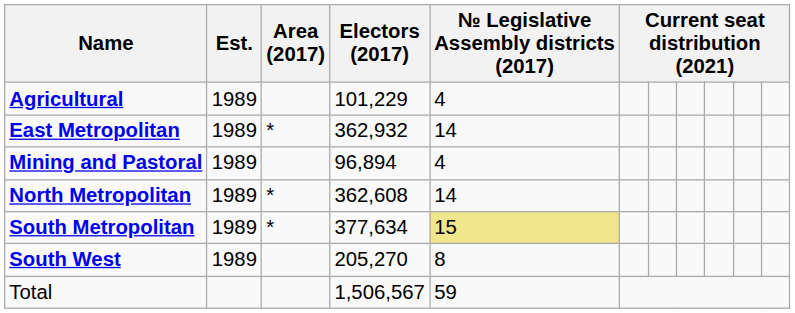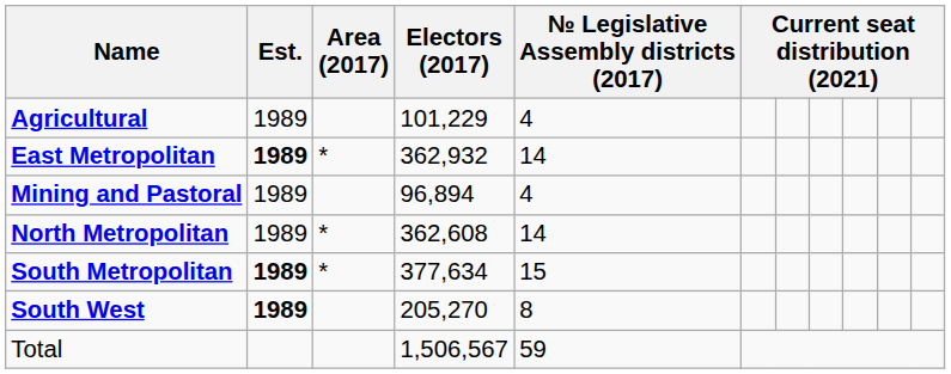 <table class="wikitable">
 <tr>
 <th>Name</th>
 <th>Est.</th>
 <th>Area<br>(2017)</th>
 <th>Electors <br> (2017)</th>
 <th>№ Legislative<br> Assembly districts <br>(2017)</th>
 <th colspan="6">Current seat distribution (2021)</th>
 </tr>
 <tr>
 <td><strong><a href='#'>Agricultural</a></strong></td>
 <td>1989</td>
 <td></td>
 <td>101,229</td>
 <td>4</td>
 <td width=15 > </td>
 <td width=15 > </td>
 <td width=15 > </td>
 <td width=15 > </td>
 <td width=15 > </td>
 <td width=15 > </td>
 </tr>
 <tr>
 <td><strong><a href='#'>East Metropolitan</a></strong></td>
-<td>1989</td>
+<td><strong>1989</strong></td>
 <td>*</td>
 <td>362,932</td>
 <td>14</td>
 <td width=15 > </td>
 <td width=15 > </td>
 <td width=15 > </td>
 <td width=15 > </td>
 <td width=15 > </td>
 <td width=15 > </td>
 </tr>
 <tr>
 <td><strong><a href='#'>Mining and Pastoral</a></strong></td>
 <td>1989</td>
 <td></td>
 <td>96,894</td>
 <td>4</td>
 <td width=15 > </td>
 <td width=15 > </td>
 <td width=15 > </td>
 <td width=15 > </td>
 <td width=15 > </td>
 <td width=15 > </td>
 </tr>
 <tr>
 <td><strong><a href='#'>North Metropolitan</a></strong></td>
 <td>1989</td>
 <td>*</td>
 <td>362,608</td>
 <td>14</td>
 <td width=15 > </td>
 <td width=15 > </td>
 <td width=15 > </td>
 <td width=15 > </td>
 <td width=15 > </td>
 <td width=15 > </td>
 </tr>
 <tr>
 <td><strong><a href='#'>South Metropolitan</a></strong></td>
-<td>1989</td>
+<td><strong>1989</strong></td>
 <td>*</td>
 <td>377,634</td>
-<td style="background: khaki;">15</td>
+<td>15</td>
 <td width=15 > </td>
 <td width=15 > </td>
 <td width=15 > </td>
 <td width=15 > </td>
 <td width=15 > </td>
 <td width=15 > </td>
 </tr>
 <tr>
 <td><strong><a href='#'>South West</a></strong></td>
-<td>1989</td>
+<td><strong>1989</strong></td>
 <td></td>
 <td>205,270</td>
 <td>8</td>
 <td width=15 > </td>
 <td width=15 > </td>
 <td width=15 > </td>
 <td width=15 > </td>
 <td width=15 > </td>
 <td width=15 > </td>
 </tr>
 <tr>
 <td>Total</td>
 <td></td>
 <td></td>
 <td>1,506,567</td>
 <td>59</td>
 </tr>
 </table>
